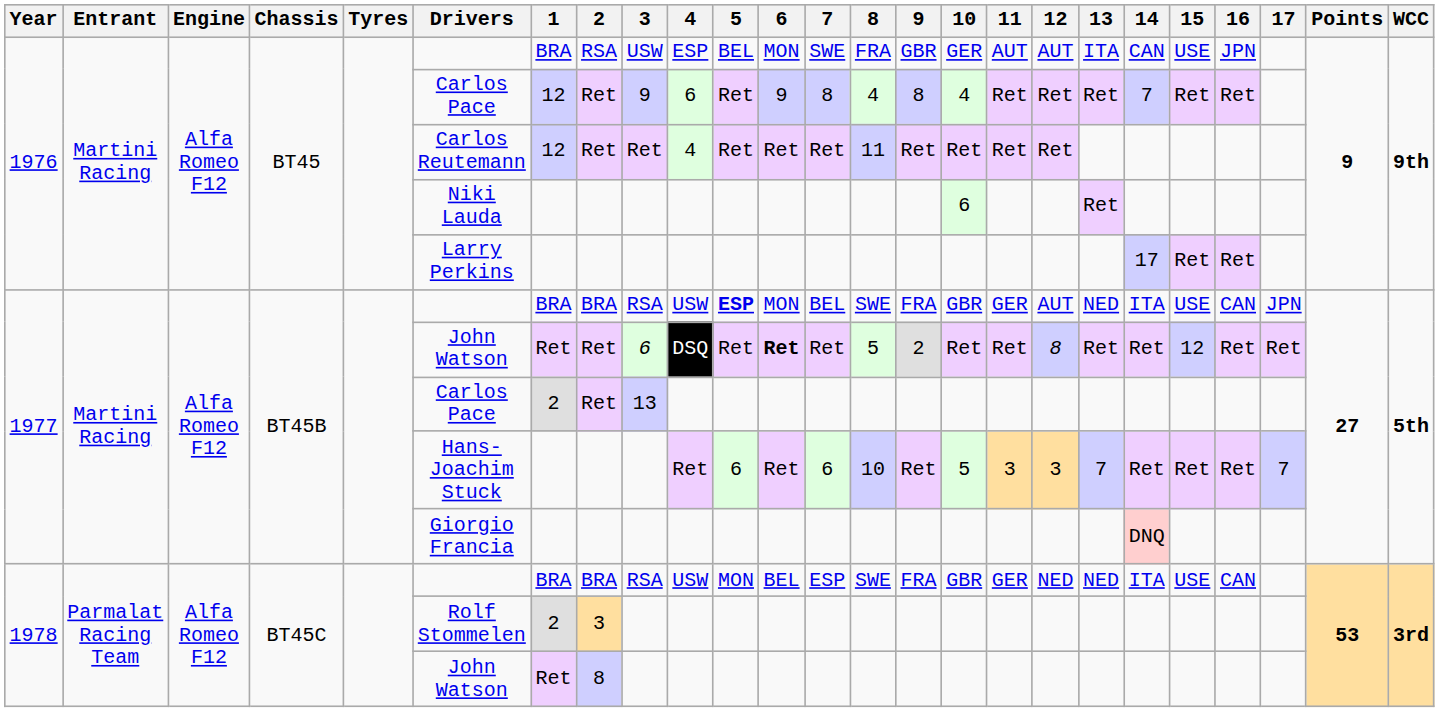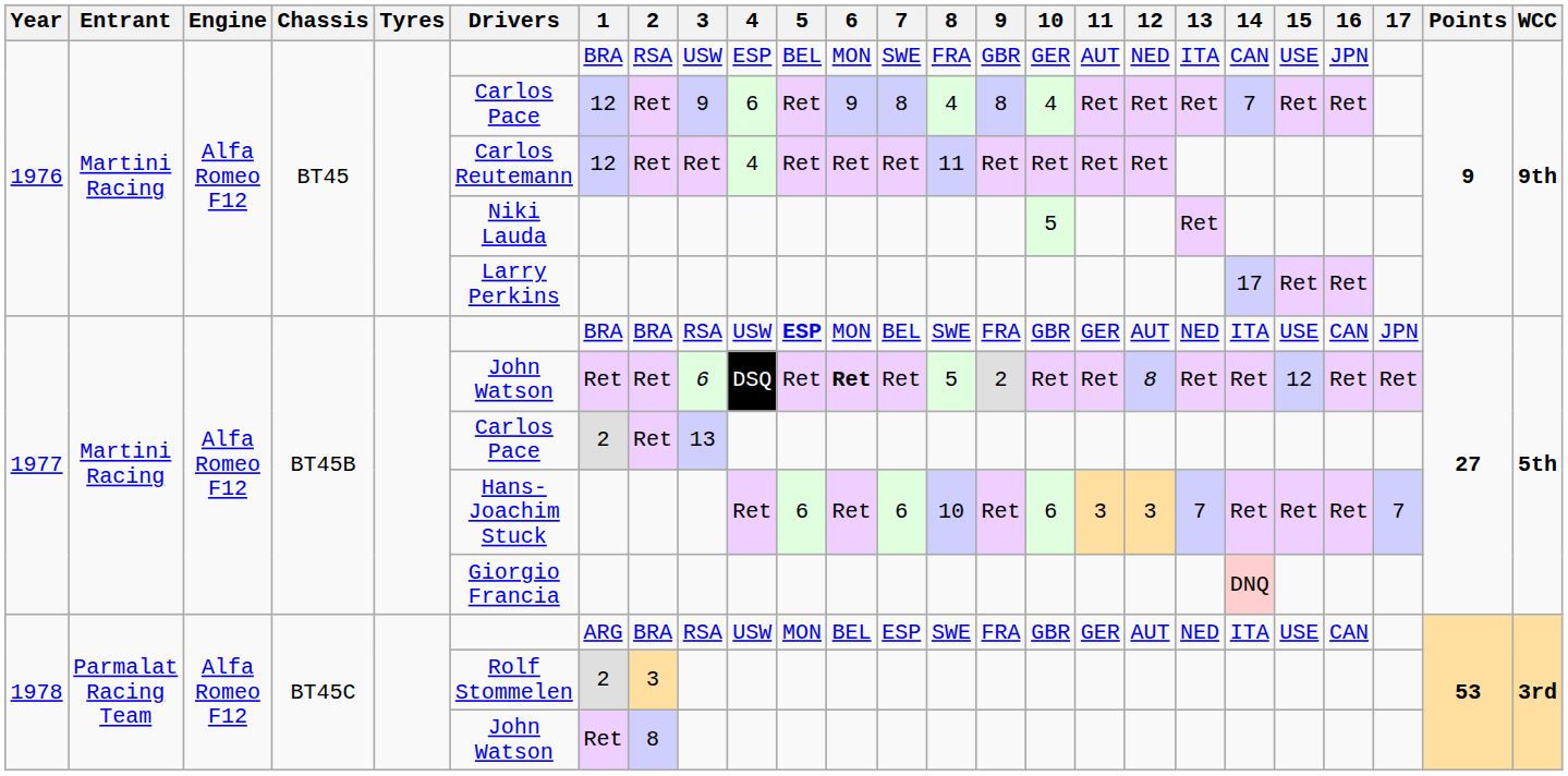 <table class="wikitable" style="text-align:center; font-size:95%">
 <tr>
 <th>Year</th>
 <th>Entrant</th>
 <th>Engine</th>
 <th>Chassis</th>
 <th>Tyres</th>
 <th>Drivers</th>
 <th>1</th>
 <th>2</th>
 <th>3</th>
 <th>4</th>
 <th>5</th>
 <th>6</th>
 <th>7</th>
 <th>8</th>
 <th>9</th>
 <th>10</th>
 <th>11</th>
 <th>12</th>
 <th>13</th>
 <th>14</th>
 <th>15</th>
 <th>16</th>
 <th>17</th>
 <th>Points</th>
 <th>WCC</th>
 </tr>
 <tr>
 <td rowspan=5><a href='#'>1976</a></td>
 <td rowspan=5><a href='#'>Martini Racing</a></td>
 <td rowspan=5><a href='#'>Alfa Romeo</a> <a href='#'>F12</a></td>
 <td rowspan=5>BT45</td>
 <td rowspan=5></td>
 <td></td>
 <td><a href='#'>BRA</a></td>
 <td><a href='#'>RSA</a></td>
 <td><a href='#'>USW</a></td>
 <td><a href='#'>ESP</a></td>
 <td><a href='#'>BEL</a></td>
 <td><a href='#'>MON</a></td>
 <td><a href='#'>SWE</a></td>
 <td><a href='#'>FRA</a></td>
 <td><a href='#'>GBR</a></td>
 <td><a href='#'>GER</a></td>
 <td><a href='#'>AUT</a></td>
-<td><a href='#'>AUT</a></td>
+<td><a href='#'>NED</a></td>
 <td><a href='#'>ITA</a></td>
 <td><a href='#'>CAN</a></td>
 <td><a href='#'>USE</a></td>
 <td><a href='#'>JPN</a></td>
 <td></td>
 <td rowspan=5><strong>9</strong></td>
 <td rowspan=5><strong>9th</strong></td>
 </tr>
 <tr>
 <td><a href='#'>Carlos Pace</a></td>
 <td style="background:#cfcfff;">12</td>
 <td style="background:#efcfff;">Ret</td>
 <td style="background:#cfcfff;">9</td>
 <td style="background:#dfffdf;">6</td>
 <td style="background:#efcfff;">Ret</td>
 <td style="background:#cfcfff;">9</td>
 <td style="background:#cfcfff;">8</td>
 <td style="background:#dfffdf;">4</td>
 <td style="background:#cfcfff;">8</td>
 <td style="background:#dfffdf;">4</td>
 <td style="background:#efcfff;">Ret</td>
 <td style="background:#efcfff;">Ret</td>
 <td style="background:#efcfff;">Ret</td>
 <td style="background:#cfcfff;">7</td>
 <td style="background:#efcfff;">Ret</td>
 <td style="background:#efcfff;">Ret</td>
 <td></td>
 </tr>
 <tr>
 <td><a href='#'>Carlos Reutemann</a></td>
 <td style="background:#cfcfff;">12</td>
 <td style="background:#efcfff;">Ret</td>
 <td style="background:#efcfff;">Ret</td>
 <td style="background:#dfffdf;">4</td>
 <td style="background:#efcfff;">Ret</td>
 <td style="background:#efcfff;">Ret</td>
 <td style="background:#efcfff;">Ret</td>
 <td style="background:#cfcfff;">11</td>
 <td style="background:#efcfff;">Ret</td>
 <td style="background:#efcfff;">Ret</td>
 <td style="background:#efcfff;">Ret</td>
 <td style="background:#efcfff;">Ret</td>
 <td></td>
 <td></td>
 <td></td>
 <td></td>
 <td></td>
 </tr>
 <tr>
 <td><a href='#'>Niki Lauda</a></td>
 <td></td>
 <td></td>
 <td></td>
 <td></td>
 <td></td>
 <td></td>
 <td></td>
 <td></td>
 <td></td>
-<td style="background:#dfffdf;">6</td>
+<td style="background:#dfffdf;">5</td>
 <td></td>
 <td></td>
 <td style="background:#efcfff;">Ret</td>
 <td></td>
 <td></td>
 <td></td>
 <td></td>
 </tr>
 <tr>
 <td><a href='#'>Larry Perkins</a></td>
 <td></td>
 <td></td>
 <td></td>
 <td></td>
 <td></td>
 <td></td>
 <td></td>
 <td></td>
 <td></td>
 <td></td>
 <td></td>
 <td></td>
 <td></td>
 <td style="background:#cfcfff;">17</td>
 <td style="background:#efcfff;">Ret</td>
 <td style="background:#efcfff;">Ret</td>
 <td></td>
 </tr>
 <tr>
 <td rowspan=5><a href='#'>1977</a></td>
 <td rowspan=5><a href='#'>Martini Racing</a></td>
 <td rowspan=5><a href='#'>Alfa Romeo</a> <a href='#'>F12</a></td>
 <td rowspan=5>BT45B</td>
 <td rowspan=5></td>
 <td></td>
 <td><a href='#'>BRA</a></td>
 <td><a href='#'>BRA</a></td>
 <td><a href='#'>RSA</a></td>
 <td><a href='#'>USW</a></td>
 <td><strong><a href='#'>ESP</a></strong></td>
 <td><a href='#'>MON</a></td>
 <td><a href='#'>BEL</a></td>
 <td><a href='#'>SWE</a></td>
 <td><a href='#'>FRA</a></td>
 <td><a href='#'>GBR</a></td>
 <td><a href='#'>GER</a></td>
 <td><a href='#'>AUT</a></td>
 <td><a href='#'>NED</a></td>
 <td><a href='#'>ITA</a></td>
 <td><a href='#'>USE</a></td>
 <td><a href='#'>CAN</a></td>
 <td><a href='#'>JPN</a></td>
 <td rowspan=5><strong>27</strong></td>
 <td rowspan=5><strong>5th</strong></td>
 </tr>
 <tr>
 <td><a href='#'>John Watson</a></td>
 <td style="background:#efcfff;">Ret</td>
 <td style="background:#efcfff;">Ret</td>
 <td style="background:#dfffdf;"><em>6</em></td>
 <td style="background:#000000; color:white">DSQ</td>
 <td style="background:#efcfff;">Ret</td>
 <td style="background:#efcfff;"><strong>Ret</strong></td>
 <td style="background:#efcfff;">Ret</td>
 <td style="background:#dfffdf;">5</td>
 <td style="background:#dfdfdf;">2</td>
 <td style="background:#efcfff;">Ret</td>
 <td style="background:#efcfff;">Ret</td>
 <td style="background:#cfcfff;"><em>8</em></td>
 <td style="background:#efcfff;">Ret</td>
 <td style="background:#efcfff;">Ret</td>
 <td style="background:#cfcfff;">12</td>
 <td style="background:#efcfff;">Ret</td>
 <td style="background:#efcfff;">Ret</td>
 </tr>
 <tr>
 <td><a href='#'>Carlos Pace</a></td>
 <td style="background:#dfdfdf;">2</td>
 <td style="background:#efcfff;">Ret</td>
 <td style="background:#cfcfff;">13</td>
 <td></td>
 <td></td>
 <td></td>
 <td></td>
 <td></td>
 <td></td>
 <td></td>
 <td></td>
 <td></td>
 <td></td>
 <td></td>
 <td></td>
 <td></td>
 <td></td>
 </tr>
 <tr>
 <td><a href='#'>Hans-Joachim Stuck</a></td>
 <td></td>
 <td></td>
 <td></td>
 <td style="background:#efcfff;">Ret</td>
 <td style="background:#dfffdf;">6</td>
 <td style="background:#efcfff;">Ret</td>
 <td style="background:#dfffdf;">6</td>
 <td style="background:#cfcfff;">10</td>
 <td style="background:#efcfff;">Ret</td>
-<td style="background:#dfffdf;">5</td>
+<td style="background:#dfffdf;">6</td>
 <td style="background:#ffdf9f;">3</td>
 <td style="background:#ffdf9f;">3</td>
 <td style="background:#cfcfff;">7</td>
 <td style="background:#efcfff;">Ret</td>
 <td style="background:#efcfff;">Ret</td>
 <td style="background:#efcfff;">Ret</td>
 <td style="background:#cfcfff;">7</td>
 </tr>
 <tr>
 <td><a href='#'>Giorgio Francia</a></td>
 <td></td>
 <td></td>
 <td></td>
 <td></td>
 <td></td>
 <td></td>
 <td></td>
 <td></td>
 <td></td>
 <td></td>
 <td></td>
 <td></td>
 <td></td>
 <td style="background:#ffcfcf;">DNQ</td>
 <td></td>
 <td></td>
 <td></td>
 </tr>
 <tr>
 <td rowspan=3><a href='#'>1978</a></td>
 <td rowspan=3><a href='#'>Parmalat</a> <a href='#'>Racing Team</a></td>
 <td rowspan=3><a href='#'>Alfa Romeo</a> <a href='#'>F12</a></td>
 <td rowspan=3>BT45C</td>
 <td rowspan=3></td>
 <td></td>
-<td><a href='#'>BRA</a></td>
+<td><a href='#'>ARG</a></td>
 <td><a href='#'>BRA</a></td>
 <td><a href='#'>RSA</a></td>
 <td><a href='#'>USW</a></td>
 <td><a href='#'>MON</a></td>
 <td><a href='#'>BEL</a></td>
 <td><a href='#'>ESP</a></td>
 <td><a href='#'>SWE</a></td>
 <td><a href='#'>FRA</a></td>
 <td><a href='#'>GBR</a></td>
 <td><a href='#'>GER</a></td>
-<td><a href='#'>NED</a></td>
+<td><a href='#'>AUT</a></td>
 <td><a href='#'>NED</a></td>
 <td><a href='#'>ITA</a></td>
 <td><a href='#'>USE</a></td>
 <td><a href='#'>CAN</a></td>
 <td></td>
 <td rowspan=3 style="background:#ffdf9f;"><strong>53</strong></td>
 <td rowspan=3 style="background:#ffdf9f;"><strong>3rd</strong></td>
 </tr>
 <tr>
 <td><a href='#'>Rolf Stommelen</a></td>
 <td style="background:#dfdfdf;">2</td>
 <td style="background:#ffdf9f;">3</td>
 <td></td>
 <td></td>
 <td></td>
 <td></td>
 <td></td>
 <td></td>
 <td></td>
 <td></td>
 <td></td>
 <td></td>
 <td></td>
 <td></td>
 <td></td>
 <td></td>
 <td></td>
 </tr>
 <tr>
 <td><a href='#'>John Watson</a></td>
 <td style="background:#efcfff;">Ret</td>
 <td style="background:#cfcfff;">8</td>
 <td></td>
 <td></td>
 <td></td>
 <td></td>
 <td></td>
 <td></td>
 <td></td>
 <td></td>
 <td></td>
 <td></td>
 <td></td>
 <td></td>
 <td></td>
 <td></td>
 <td></td>
 </tr>
 </table>
